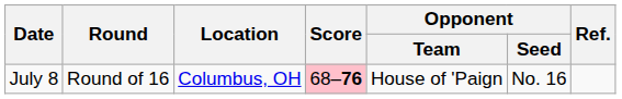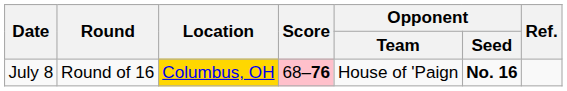 <table class="wikitable">
 <tr>
 <th rowspan=2>Date</th>
 <th rowspan=2>Round</th>
 <th rowspan=2>Location</th>
 <th rowspan=2>Score</th>
 <th colspan=2>Opponent</th>
 <th rowspan=2>Ref.</th>
 </tr>
 <tr>
 <th>Team</th>
 <th>Seed</th>
 </tr>
 <tr>
 <td>July 8</td>
 <td>Round of 16</td>
-<td><a href='#'>Columbus, OH</a></td>
+<td style="background: gold;"><a href='#'>Columbus, OH</a></td>
 <td bgcolor=pink>68–<strong>76</strong></td>
 <td>House of 'Paign</td>
-<td>No. 16</td>
+<td><strong>No. 16</strong></td>
 <td></td>
 </tr>
 </table>
